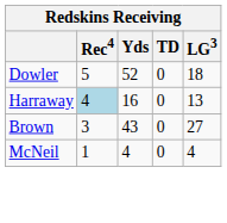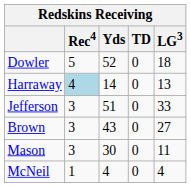 <table class="wikitable">
 <tr>
 <th colspan="5">Redskins Receiving</th>
 </tr>
 <tr>
 <th></th>
 <th>Rec<sup>4</sup></th>
 <th>Yds</th>
 <th>TD</th>
 <th>LG<sup>3</sup></th>
 </tr>
 <tr>
 <td><a href='#'>Dowler</a></td>
 <td>5</td>
 <td>52</td>
 <td>0</td>
 <td>18</td>
 </tr>
 <tr>
 <td><a href='#'>Harraway</a></td>
 <td style="background: lightblue;">4</td>
-<td>16</td>
+<td>14</td>
 <td>0</td>
 <td>13</td>
+</tr>
+<tr>
+<td><a href='#'>Jefferson</a></td>
+<td>3</td>
+<td>51</td>
+<td>0</td>
+<td>33</td>
 </tr>
 <tr>
 <td><a href='#'>Brown</a></td>
 <td>3</td>
 <td>43</td>
 <td>0</td>
 <td>27</td>
 </tr>
 <tr>
+<td><a href='#'>Mason</a></td>
+<td>3</td>
+<td>30</td>
+<td>0</td>
+<td>11</td>
+</tr>
+<tr>
 <td><a href='#'>McNeil</a></td>
 <td>1</td>
 <td>4</td>
 <td>0</td>
 <td>4</td>
 </tr>
 </table>
